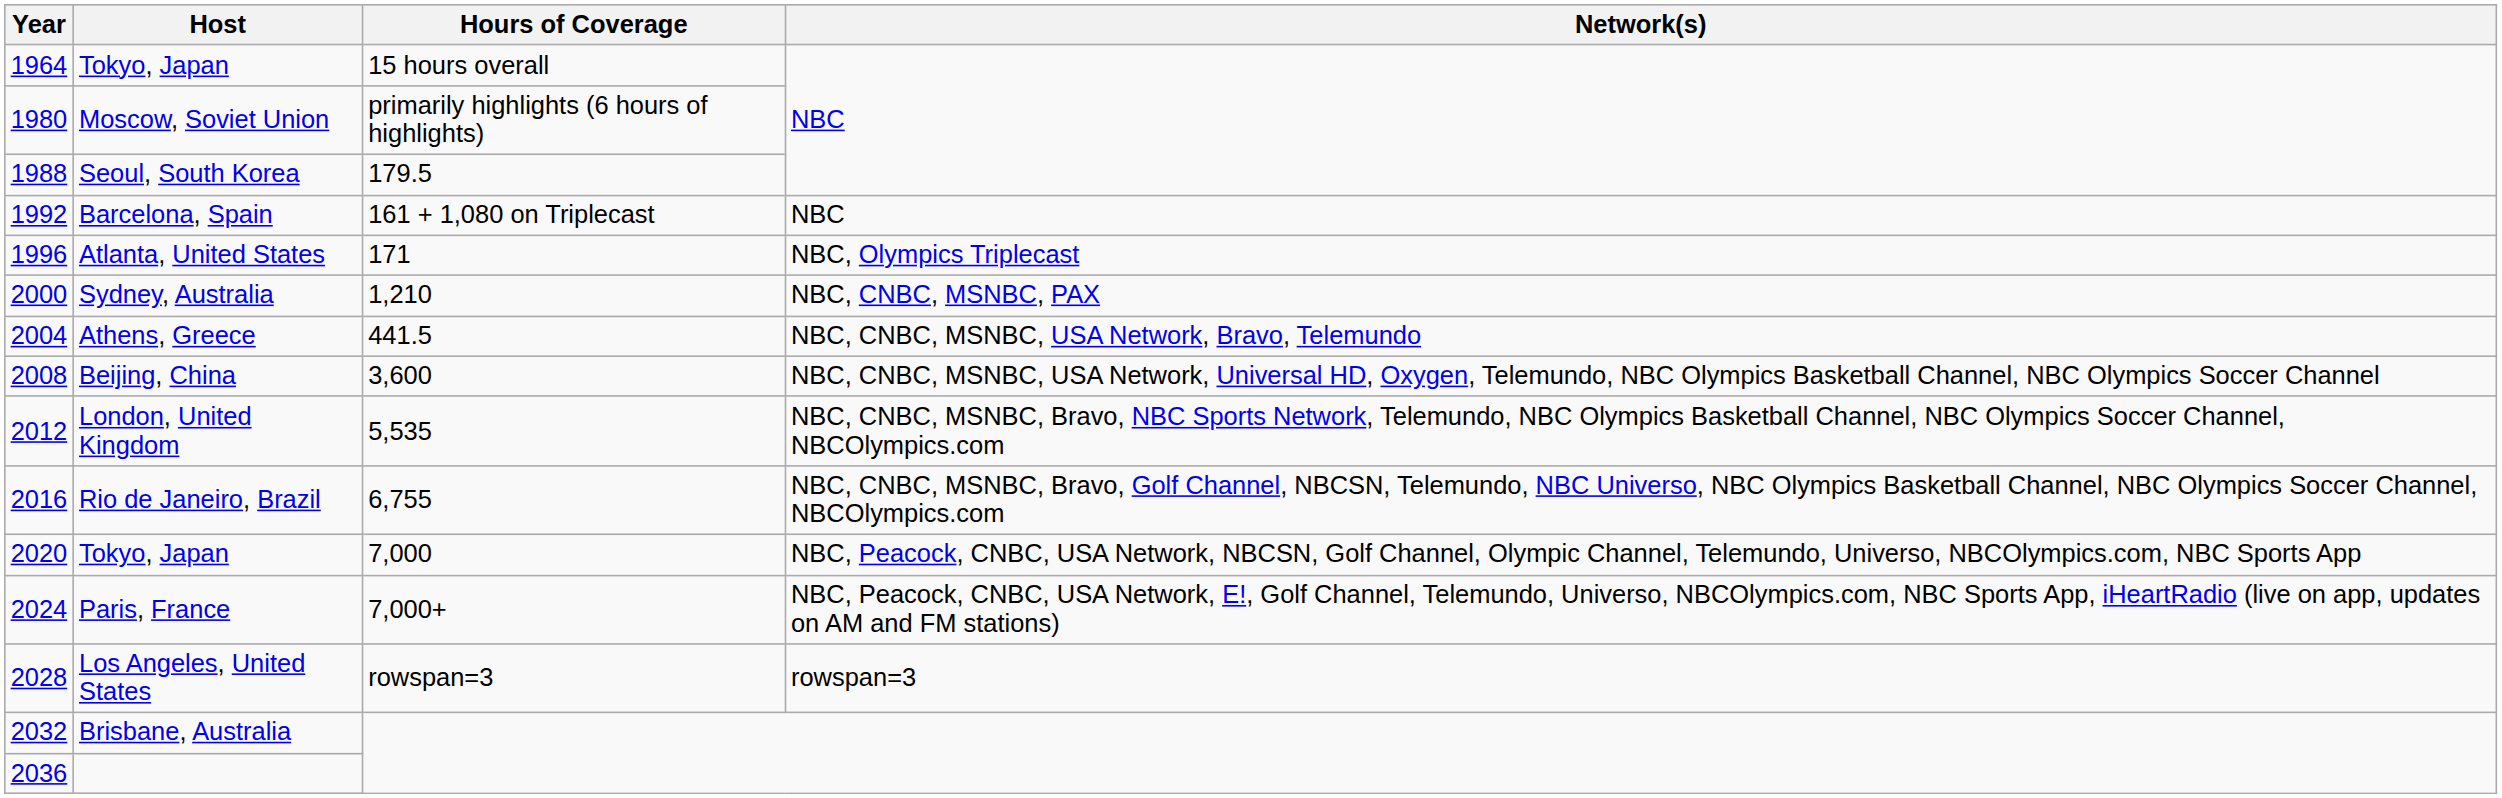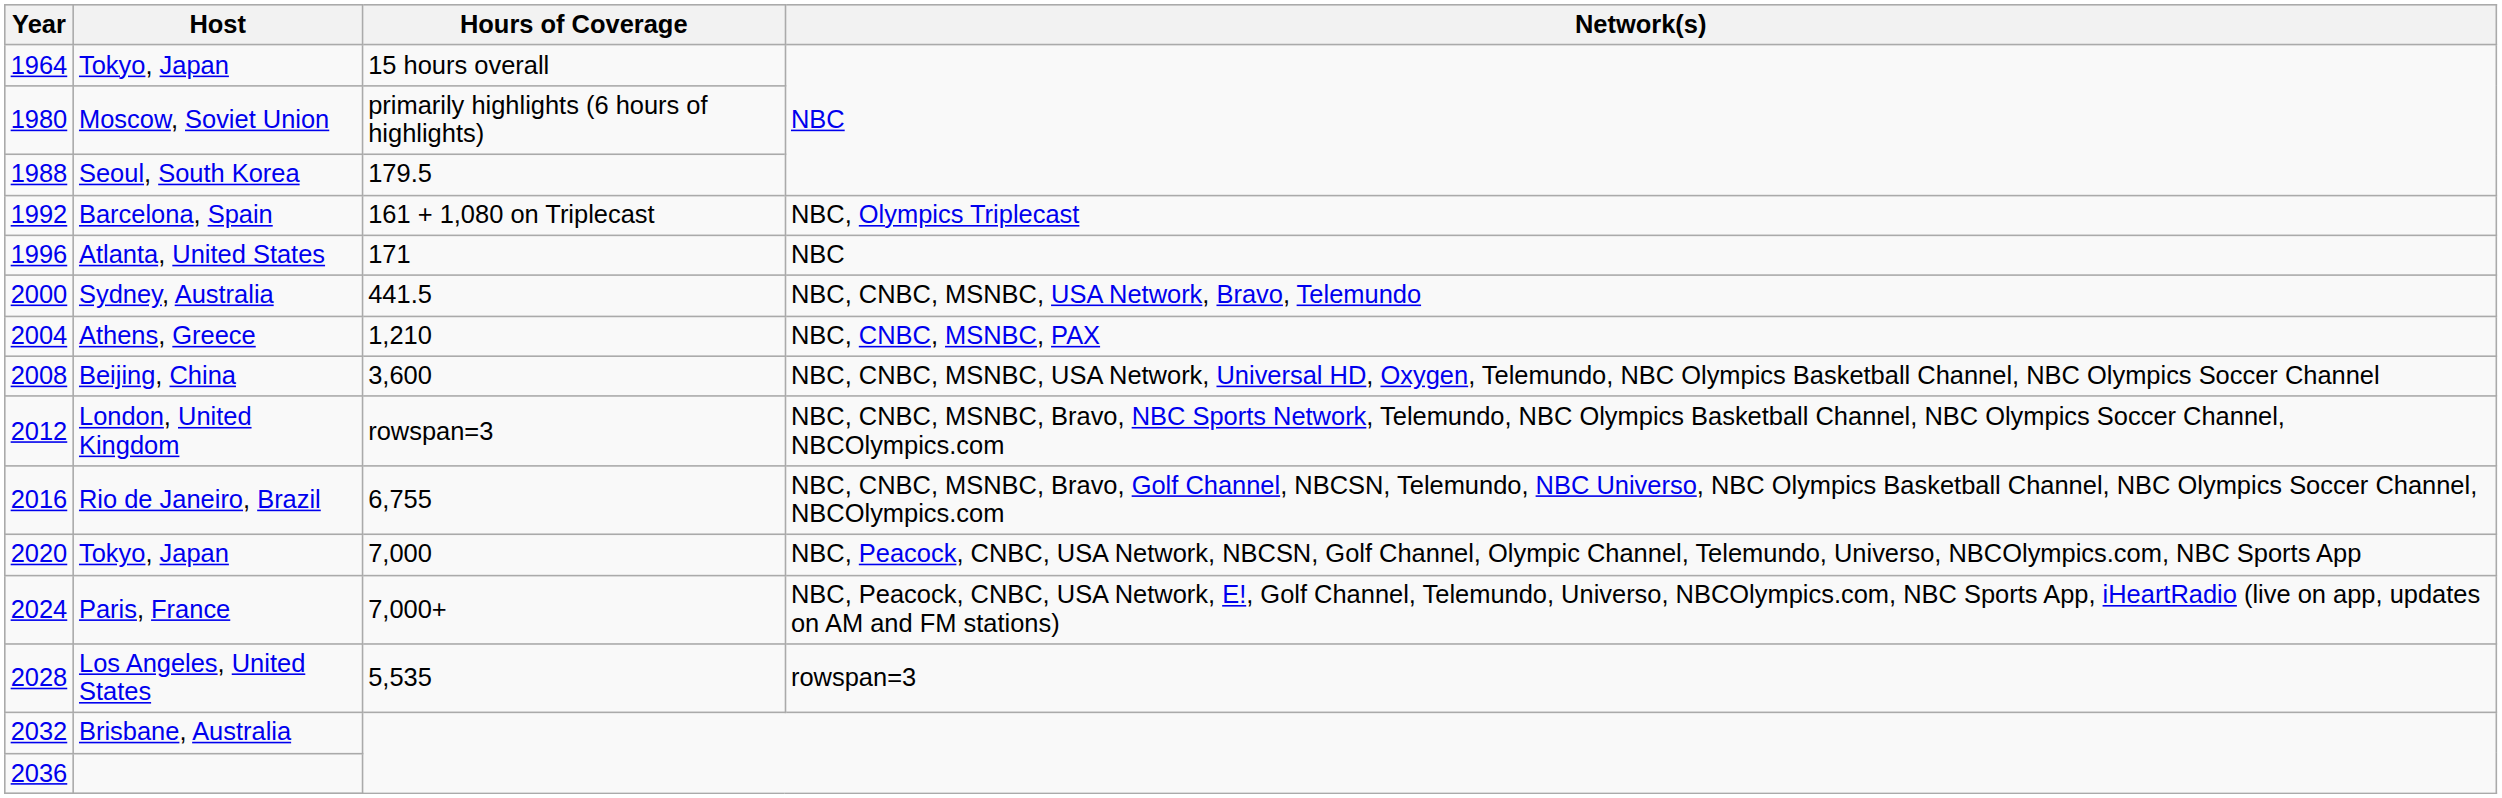 <table class="wikitable">
 <tr>
 <th>Year</th>
 <th>Host</th>
 <th>Hours of Coverage</th>
 <th>Network(s)</th>
 </tr>
 <tr>
 <td><a href='#'>1964</a></td>
 <td><a href='#'>Tokyo</a>, <a href='#'>Japan</a></td>
 <td>15 hours overall</td>
 <td rowspan=3><a href='#'>NBC</a></td>
 </tr>
 <tr>
 <td><a href='#'>1980</a></td>
 <td><a href='#'>Moscow</a>, <a href='#'>Soviet Union</a></td>
 <td>primarily highlights (6 hours of highlights)</td>
 </tr>
 <tr>
 <td><a href='#'>1988</a></td>
 <td><a href='#'>Seoul</a>, <a href='#'>South Korea</a></td>
 <td>179.5</td>
 </tr>
 <tr>
 <td><a href='#'>1992</a></td>
 <td><a href='#'>Barcelona</a>, <a href='#'>Spain</a></td>
 <td>161 + 1,080 on Triplecast</td>
-<td>NBC</td>
+<td>NBC, <a href='#'>Olympics Triplecast</a></td>
 </tr>
 <tr>
 <td><a href='#'>1996</a></td>
 <td><a href='#'>Atlanta</a>, <a href='#'>United States</a></td>
 <td>171</td>
-<td>NBC, <a href='#'>Olympics Triplecast</a></td>
+<td>NBC</td>
 </tr>
 <tr>
 <td><a href='#'>2000</a></td>
 <td><a href='#'>Sydney</a>, <a href='#'>Australia</a></td>
-<td>1,210</td>
-<td>NBC, <a href='#'>CNBC</a>, <a href='#'>MSNBC</a>, <a href='#'>PAX</a></td>
+<td>441.5</td>
+<td>NBC, CNBC, MSNBC, <a href='#'>USA Network</a>, <a href='#'>Bravo</a>, <a href='#'>Telemundo</a></td>
 </tr>
 <tr>
 <td><a href='#'>2004</a></td>
 <td><a href='#'>Athens</a>, <a href='#'>Greece</a></td>
-<td>441.5</td>
-<td>NBC, CNBC, MSNBC, <a href='#'>USA Network</a>, <a href='#'>Bravo</a>, <a href='#'>Telemundo</a></td>
+<td>1,210</td>
+<td>NBC, <a href='#'>CNBC</a>, <a href='#'>MSNBC</a>, <a href='#'>PAX</a></td>
 </tr>
 <tr>
 <td><a href='#'>2008</a></td>
 <td><a href='#'>Beijing</a>, <a href='#'>China</a></td>
 <td>3,600</td>
 <td>NBC, CNBC, MSNBC, USA Network, <a href='#'>Universal HD</a>, <a href='#'>Oxygen</a>, Telemundo, NBC Olympics Basketball Channel, NBC Olympics Soccer Channel</td>
 </tr>
 <tr>
 <td><a href='#'>2012</a></td>
 <td><a href='#'>London</a>, <a href='#'>United Kingdom</a></td>
-<td>5,535</td>
+<td>rowspan=3 </td>
 <td>NBC, CNBC, MSNBC, Bravo, <a href='#'>NBC Sports Network</a>, Telemundo, NBC Olympics Basketball Channel, NBC Olympics Soccer Channel, NBCOlympics.com</td>
 </tr>
 <tr>
 <td><a href='#'>2016</a></td>
 <td><a href='#'>Rio de Janeiro</a>, <a href='#'>Brazil</a></td>
 <td>6,755</td>
 <td>NBC, CNBC, MSNBC, Bravo, <a href='#'>Golf Channel</a>, NBCSN, Telemundo, <a href='#'>NBC Universo</a>, NBC Olympics Basketball Channel, NBC Olympics Soccer Channel, NBCOlympics.com</td>
 </tr>
 <tr>
 <td><a href='#'>2020</a></td>
 <td><a href='#'>Tokyo</a>, <a href='#'>Japan</a></td>
 <td>7,000</td>
 <td>NBC, <a href='#'>Peacock</a>, CNBC, USA Network, NBCSN, Golf Channel, Olympic Channel, Telemundo, Universo, NBCOlympics.com, NBC Sports App</td>
 </tr>
 <tr>
 <td><a href='#'>2024</a></td>
 <td><a href='#'>Paris</a>, <a href='#'>France</a></td>
 <td>7,000+</td>
 <td>NBC, Peacock, CNBC, USA Network, <a href='#'>E!</a>, Golf Channel, Telemundo, Universo, NBCOlympics.com, NBC Sports App, <a href='#'>iHeartRadio</a> (live on app, updates on AM and FM stations)</td>
 </tr>
 <tr>
 <td><a href='#'>2028</a></td>
 <td><a href='#'>Los Angeles</a>, <a href='#'>United States</a></td>
-<td>rowspan=3 </td>
+<td>5,535</td>
 <td>rowspan=3 </td>
 </tr>
 <tr>
 <td><a href='#'>2032</a></td>
 <td><a href='#'>Brisbane</a>, <a href='#'>Australia</a></td>
 </tr>
 <tr>
 <td><a href='#'>2036</a></td>
 <td></td>
 </tr>
 <tr>
 </tr>
 </table>
